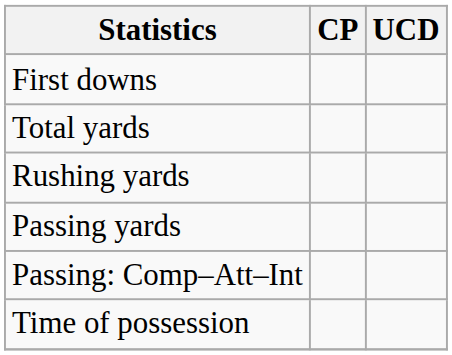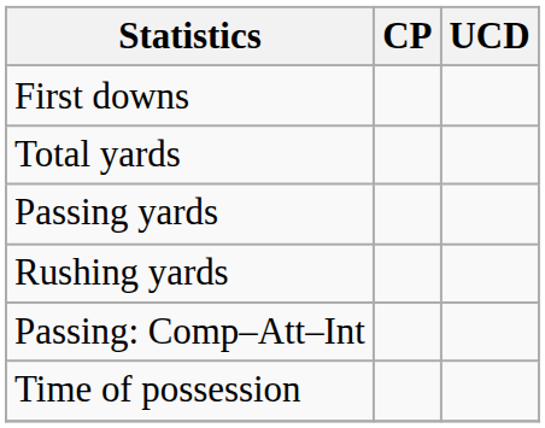 <table class="wikitable" style="float: left;">
 <tr>
 <th>Statistics</th>
 <th>CP</th>
 <th>UCD</th>
 </tr>
 <tr>
 <td>First downs</td>
 <td></td>
 <td></td>
 </tr>
 <tr>
 <td>Total yards</td>
 <td></td>
 <td></td>
 </tr>
 <tr>
-<td>Rushing yards</td>
+<td>Passing yards</td>
 <td></td>
 <td></td>
 </tr>
 <tr>
-<td>Passing yards</td>
+<td>Rushing yards</td>
 <td></td>
 <td></td>
 </tr>
 <tr>
 <td>Passing: Comp–Att–Int</td>
 <td></td>
 <td></td>
 </tr>
 <tr>
 <td>Time of possession</td>
 <td></td>
 <td></td>
 </tr>
 <tr>
 </tr>
 </table>
